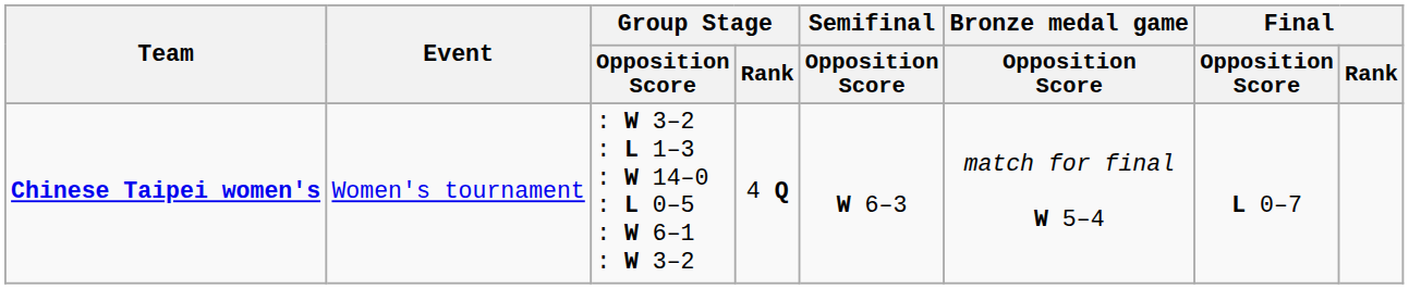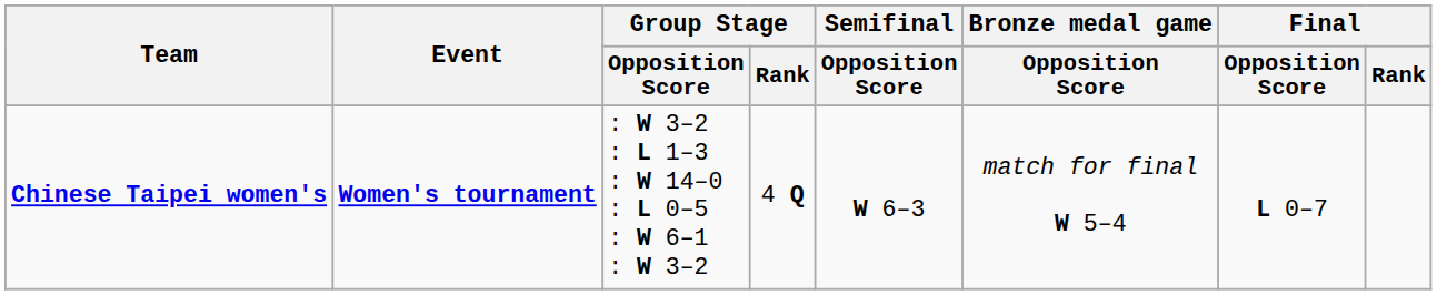 <table class=wikitable style=font-size:90%;text-align:center>
 <tr>
 <th rowspan=2>Team</th>
 <th rowspan=2>Event</th>
 <th colspan=2>Group Stage</th>
 <th>Semifinal</th>
 <th>Bronze medal game</th>
 <th colspan=2>Final</th>
 </tr>
 <tr style=font-size:95%>
 <th>Opposition<br>Score</th>
 <th>Rank</th>
 <th>Opposition<br>Score</th>
 <th>Opposition<br>Score</th>
 <th>Opposition<br>Score</th>
 <th>Rank</th>
 </tr>
 <tr>
 <td align=left><strong><a href='#'>Chinese Taipei women's</a></strong></td>
-<td align=left><a href='#'>Women's tournament</a></td>
+<td align=left><strong><a href='#'>Women's tournament</a></strong></td>
 <td align=left>: <strong>W</strong> 3–2<br>: <strong>L</strong> 1–3<br>: <strong>W</strong> 14–0<br>: <strong>L</strong> 0–5<br>: <strong>W</strong> 6–1<br>: <strong>W</strong> 3–2</td>
 <td>4 <strong>Q</strong></td>
 <td><br><strong>W</strong> 6–3</td>
 <td><em>match for final</em><br><br><strong>W</strong> 5–4</td>
 <td><br><strong>L</strong> 0–7</td>
 <td></td>
 </tr>
 </table>
